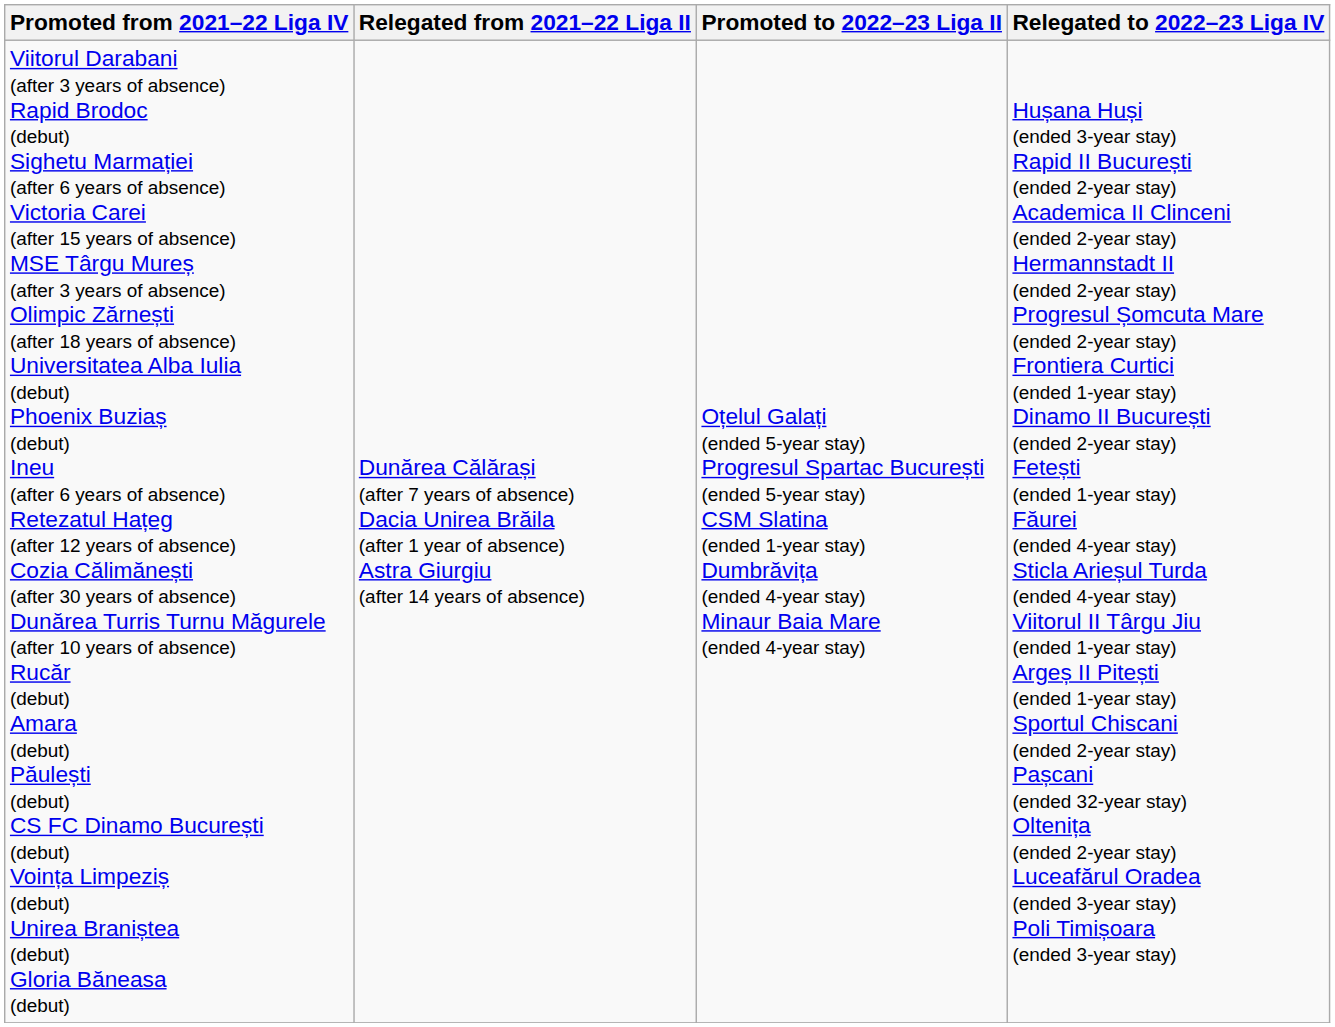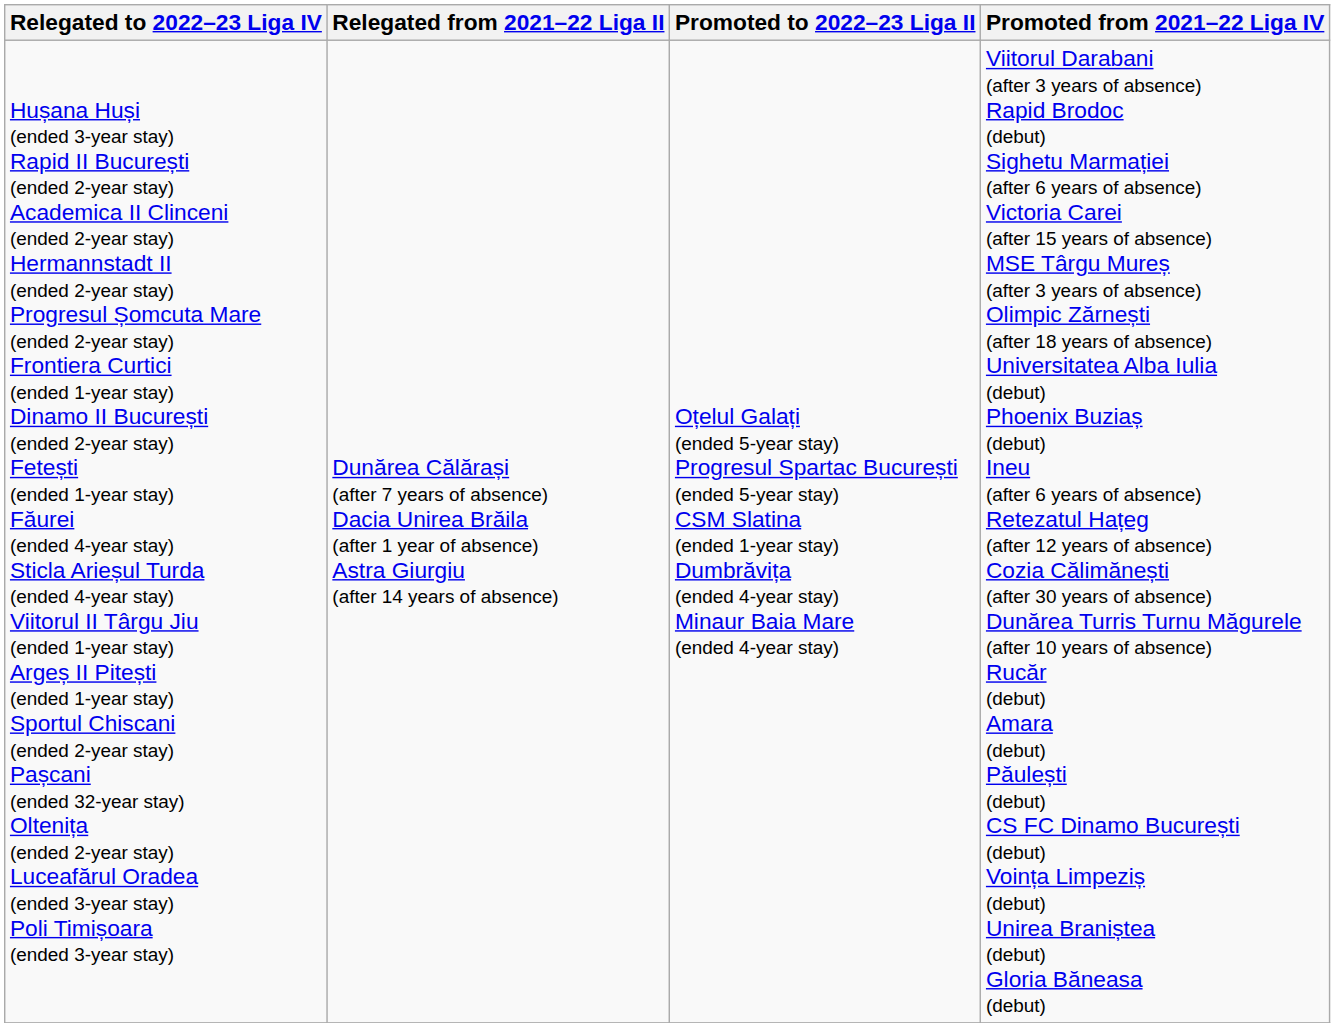 <table class="wikitable">
 <tr>
-<th>Promoted from <a href='#'>2021–22 Liga IV</a></th>
+<th>Relegated to <a href='#'>2022–23 Liga IV</a></th>
 <th>Relegated from <a href='#'>2021–22 Liga II</a></th>
 <th>Promoted to <a href='#'>2022–23 Liga II</a></th>
-<th>Relegated to <a href='#'>2022–23 Liga IV</a></th>
+<th>Promoted from <a href='#'>2021–22 Liga IV</a></th>
 </tr>
 <tr>
-<td><a href='#'>Viitorul Darabani</a><br> <small>(after 3 years of absence)</small><br><a href='#'>Rapid Brodoc</a><br> <small>(debut)</small><br><a href='#'>Sighetu Marmației</a><br> <small>(after 6 years of absence)</small><br><a href='#'>Victoria Carei</a><br> <small>(after 15 years of absence)</small><br><a href='#'>MSE Târgu Mureș</a><br> <small>(after 3 years of absence)</small><br><a href='#'>Olimpic Zărnești</a><br> <small>(after 18 years of absence)</small><br><a href='#'>Universitatea Alba Iulia</a><br> <small>(debut)</small><br><a href='#'>Phoenix Buziaș</a><br> <small>(debut)</small><br><a href='#'>Ineu</a><br> <small>(after 6 years of absence)</small><br><a href='#'>Retezatul Hațeg</a><br> <small>(after 12 years of absence)</small><br><a href='#'>Cozia Călimănești</a><br> <small>(after 30 years of absence)</small><br><a href='#'>Dunărea Turris Turnu Măgurele</a><br> <small>(after 10 years of absence)</small><br><a href='#'>Rucăr</a><br> <small>(debut)</small><br><a href='#'>Amara</a><br> <small>(debut)</small><br><a href='#'>Păulești</a><br> <small>(debut)</small><br><a href='#'>CS FC Dinamo București</a><br> <small>(debut)</small><br><a href='#'>Voința Limpeziș</a><br> <small>(debut)</small><br><a href='#'>Unirea Braniștea</a><br> <small>(debut)</small><br><a href='#'>Gloria Băneasa</a><br> <small>(debut)</small></td>
+<td><a href='#'>Hușana Huși</a><br><small>(ended 3-year stay)</small><br><a href='#'>Rapid II București</a><br><small>(ended 2-year stay)</small><br><a href='#'>Academica II Clinceni</a><br><small>(ended 2-year stay)</small><br><a href='#'>Hermannstadt II</a><br><small>(ended 2-year stay)</small><br><a href='#'>Progresul Șomcuta Mare</a><br><small>(ended 2-year stay)</small><br><a href='#'>Frontiera Curtici</a><br><small>(ended 1-year stay)</small><br><a href='#'>Dinamo II București</a><br><small>(ended 2-year stay)</small><br><a href='#'>Fetești</a><br><small>(ended 1-year stay)</small><br><a href='#'>Făurei</a><br><small>(ended 4-year stay)</small><br><a href='#'>Sticla Arieșul Turda</a><br><small>(ended 4-year stay)</small><br><a href='#'>Viitorul II Târgu Jiu</a><br><small>(ended 1-year stay)</small><br><a href='#'>Argeș II Pitești</a><br><small>(ended 1-year stay)</small><br><a href='#'>Sportul Chiscani</a><br><small>(ended 2-year stay)</small><br><a href='#'>Pașcani</a><br><small>(ended 32-year stay)</small><br><a href='#'>Oltenița</a><br><small>(ended 2-year stay)</small><br><a href='#'>Luceafărul Oradea</a><br><small>(ended 3-year stay)</small><br><a href='#'>Poli Timișoara</a><br><small>(ended 3-year stay)</small><br></td>
 <td><a href='#'>Dunărea Călărași</a><br> <small>(after 7 years of absence)</small><br><a href='#'>Dacia Unirea Brăila</a><br> <small>(after 1 year of absence)</small><br><a href='#'>Astra Giurgiu</a><br> <small>(after 14 years of absence)</small></td>
 <td><a href='#'>Oțelul Galați</a><br> <small>(ended 5-year stay)</small><br><a href='#'>Progresul Spartac București</a><br> <small>(ended 5-year stay)</small><br><a href='#'>CSM Slatina</a><br><small>(ended 1-year stay)</small><br><a href='#'>Dumbrăvița</a><br> <small>(ended 4-year stay)</small><br><a href='#'>Minaur Baia Mare</a><br> <small>(ended 4-year stay)</small></td>
-<td><a href='#'>Hușana Huși</a><br><small>(ended 3-year stay)</small><br><a href='#'>Rapid II București</a><br><small>(ended 2-year stay)</small><br><a href='#'>Academica II Clinceni</a><br><small>(ended 2-year stay)</small><br><a href='#'>Hermannstadt II</a><br><small>(ended 2-year stay)</small><br><a href='#'>Progresul Șomcuta Mare</a><br><small>(ended 2-year stay)</small><br><a href='#'>Frontiera Curtici</a><br><small>(ended 1-year stay)</small><br><a href='#'>Dinamo II București</a><br><small>(ended 2-year stay)</small><br><a href='#'>Fetești</a><br><small>(ended 1-year stay)</small><br><a href='#'>Făurei</a><br><small>(ended 4-year stay)</small><br><a href='#'>Sticla Arieșul Turda</a><br><small>(ended 4-year stay)</small><br><a href='#'>Viitorul II Târgu Jiu</a><br><small>(ended 1-year stay)</small><br><a href='#'>Argeș II Pitești</a><br><small>(ended 1-year stay)</small><br><a href='#'>Sportul Chiscani</a><br><small>(ended 2-year stay)</small><br><a href='#'>Pașcani</a><br><small>(ended 32-year stay)</small><br><a href='#'>Oltenița</a><br><small>(ended 2-year stay)</small><br><a href='#'>Luceafărul Oradea</a><br><small>(ended 3-year stay)</small><br><a href='#'>Poli Timișoara</a><br><small>(ended 3-year stay)</small><br></td>
+<td><a href='#'>Viitorul Darabani</a><br> <small>(after 3 years of absence)</small><br><a href='#'>Rapid Brodoc</a><br> <small>(debut)</small><br><a href='#'>Sighetu Marmației</a><br> <small>(after 6 years of absence)</small><br><a href='#'>Victoria Carei</a><br> <small>(after 15 years of absence)</small><br><a href='#'>MSE Târgu Mureș</a><br> <small>(after 3 years of absence)</small><br><a href='#'>Olimpic Zărnești</a><br> <small>(after 18 years of absence)</small><br><a href='#'>Universitatea Alba Iulia</a><br> <small>(debut)</small><br><a href='#'>Phoenix Buziaș</a><br> <small>(debut)</small><br><a href='#'>Ineu</a><br> <small>(after 6 years of absence)</small><br><a href='#'>Retezatul Hațeg</a><br> <small>(after 12 years of absence)</small><br><a href='#'>Cozia Călimănești</a><br> <small>(after 30 years of absence)</small><br><a href='#'>Dunărea Turris Turnu Măgurele</a><br> <small>(after 10 years of absence)</small><br><a href='#'>Rucăr</a><br> <small>(debut)</small><br><a href='#'>Amara</a><br> <small>(debut)</small><br><a href='#'>Păulești</a><br> <small>(debut)</small><br><a href='#'>CS FC Dinamo București</a><br> <small>(debut)</small><br><a href='#'>Voința Limpeziș</a><br> <small>(debut)</small><br><a href='#'>Unirea Braniștea</a><br> <small>(debut)</small><br><a href='#'>Gloria Băneasa</a><br> <small>(debut)</small></td>
 </tr>
 </table>
